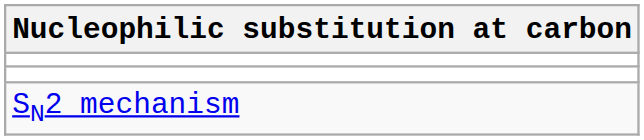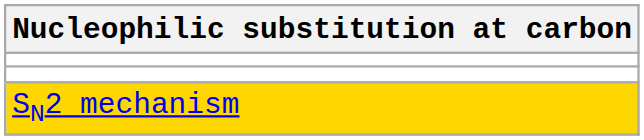 <table align="center" class="wikitable">
 <tr>
 <th colspan="2">Nucleophilic substitution at carbon</th>
 </tr>
 <tr>
 <td bgcolor="#FFFFFF"></td>
 </tr>
 <tr>
 <td bgcolor="#FFFFFF"></td>
 </tr>
 <tr>
-<td><a href='#'>S<sub>N</sub>2 mechanism</a></td>
+<td style="background: gold;"><a href='#'>S<sub>N</sub>2 mechanism</a></td>
 </tr>
 </table>
